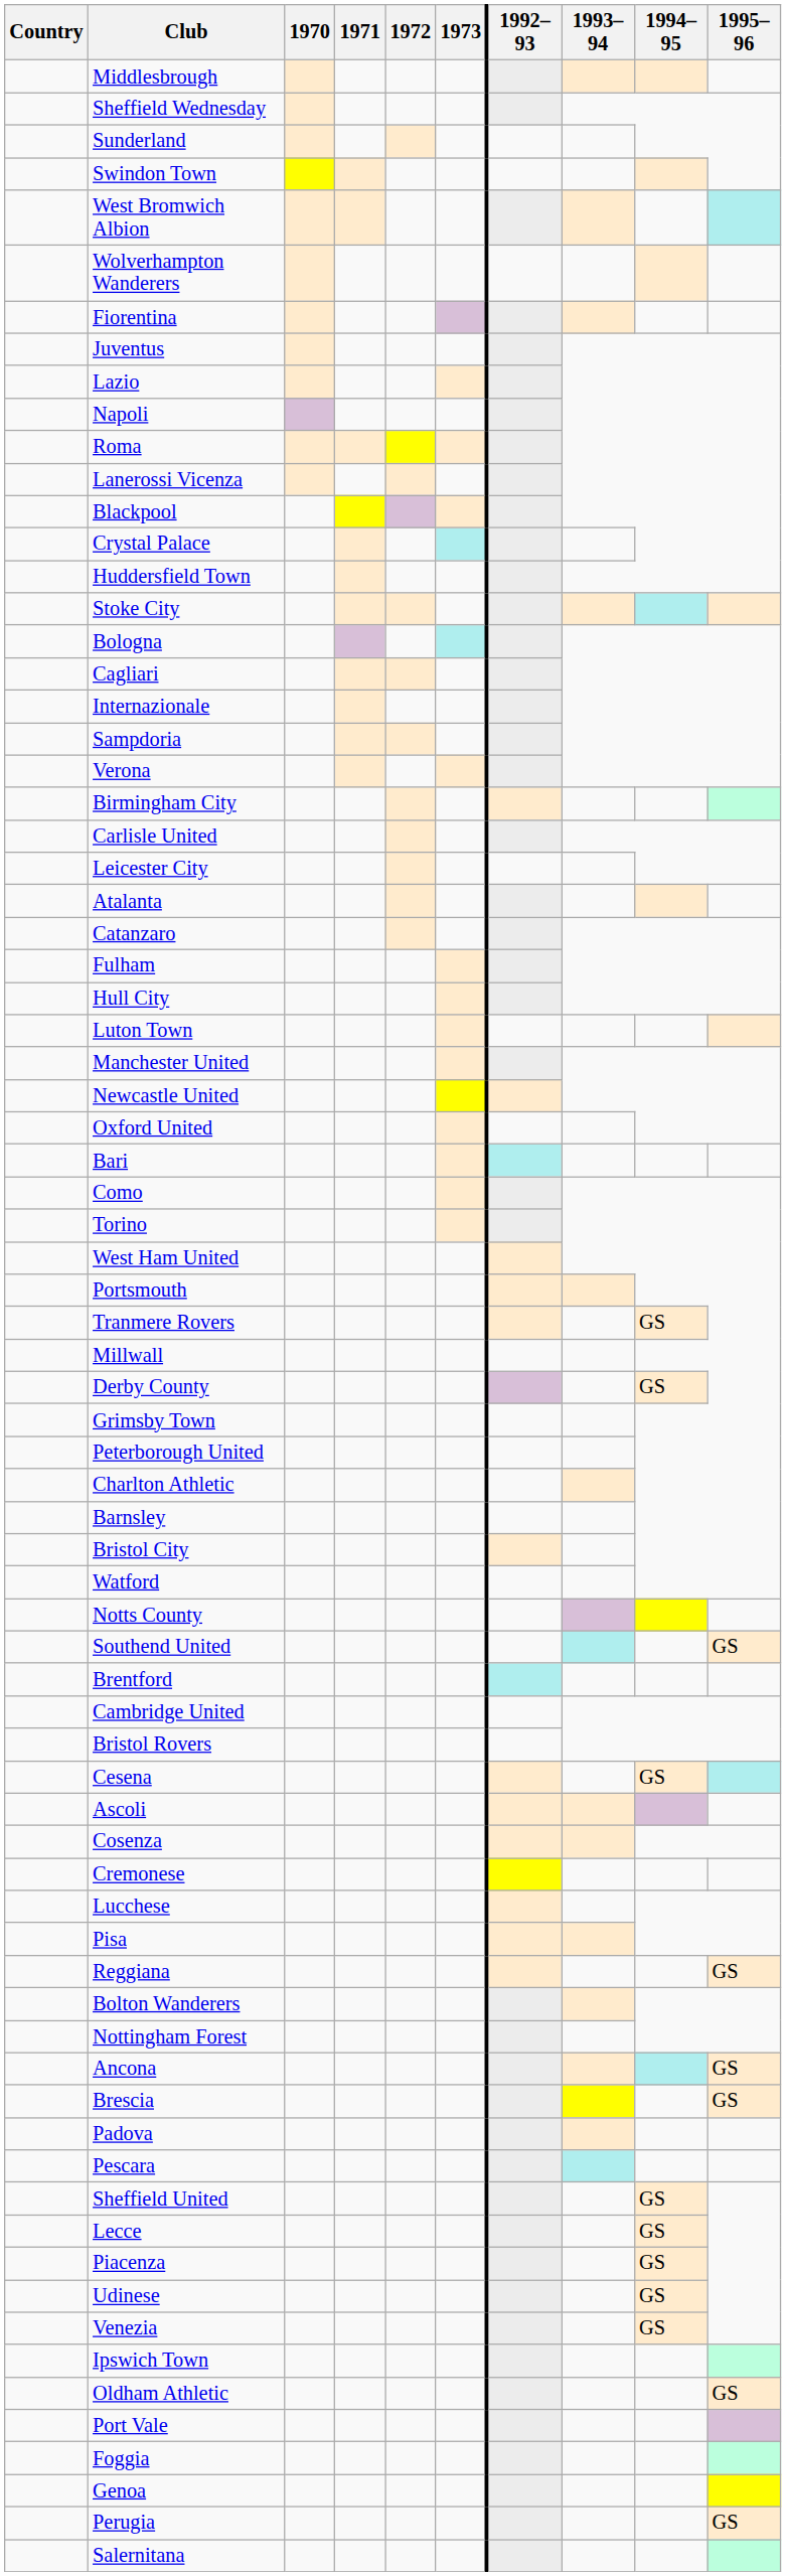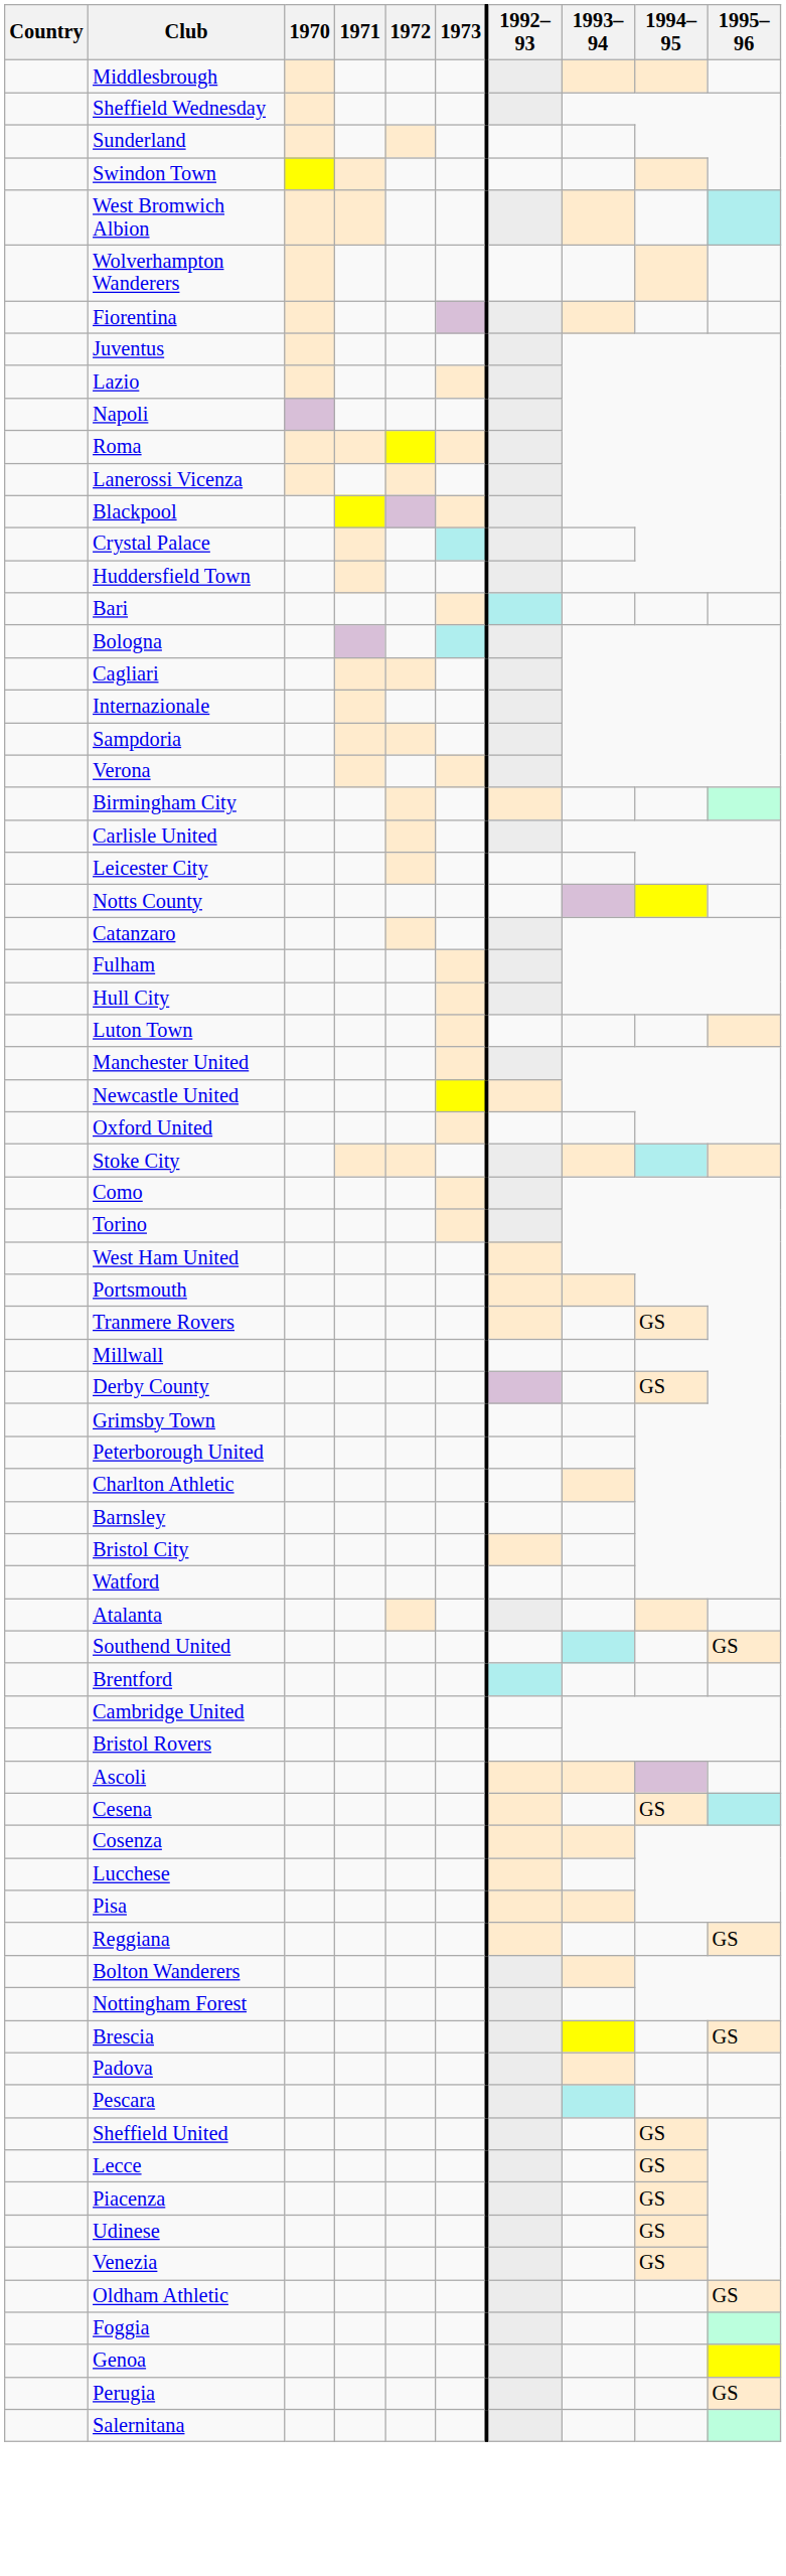 <table class="wikitable sortable collapsible ">
 <tr>
 <th>Country</th>
 <th>Club</th>
 <th>1970</th>
 <th>1971</th>
 <th>1972</th>
 <th>1973</th>
 <th style="border-left: 3px solid;">1992–93</th>
 <th>1993–94</th>
 <th>1994–95</th>
 <th>1995–96</th>
 </tr>
 <tr>
 <td></td>
 <td><a href='#'>Middlesbrough</a></td>
 <td style="background:#ffebcd;"></td>
 <td></td>
 <td></td>
 <td></td>
 <td style="border-left: 3px solid; background: #ececec"></td>
 <td style= "background:#ffebcd;"></td>
 <td style= "background:#ffebcd;"></td>
 <td></td>
 </tr>
 <tr>
 <td></td>
 <td><a href='#'>Sheffield Wednesday</a></td>
 <td style="background:#ffebcd;"></td>
 <td></td>
 <td></td>
 <td></td>
 <td style="border-left: 3px solid; background: #ececec"></td>
 </tr>
 <tr>
 <td></td>
 <td><a href='#'>Sunderland</a></td>
 <td style="background:#ffebcd;"></td>
 <td></td>
 <td style="background:#ffebcd;"></td>
 <td></td>
 <td style="border-left: 3px solid;"></td>
 <td></td>
 </tr>
 <tr>
 <td></td>
 <td><a href='#'>Swindon Town</a></td>
 <td style="background: yellow"></td>
 <td style="background:#ffebcd;"></td>
 <td></td>
 <td></td>
 <td style="border-left: 3px solid;"></td>
 <td></td>
 <td style= "background:#ffebcd;"></td>
 </tr>
 <tr>
 <td></td>
 <td><a href='#'>West Bromwich Albion</a></td>
 <td style="background:#ffebcd;"></td>
 <td style="background:#ffebcd;"></td>
 <td></td>
 <td></td>
 <td style="border-left: 3px solid; background: #ececec"></td>
 <td style= "background:#ffebcd;"></td>
 <td></td>
 <td style="background: #afeeee"></td>
 </tr>
 <tr>
 <td></td>
 <td><a href='#'>Wolverhampton Wanderers</a></td>
 <td style="background:#ffebcd;"></td>
 <td></td>
 <td></td>
 <td></td>
 <td style="border-left: 3px solid;"></td>
 <td></td>
 <td style= "background:#ffebcd;"></td>
 </tr>
 <tr>
 <td></td>
 <td><a href='#'>Fiorentina</a></td>
 <td style="background:#ffebcd;"></td>
 <td></td>
 <td></td>
 <td style="background: thistle"></td>
 <td style="border-left: 3px solid; background: #ececec"></td>
 <td style= "background:#ffebcd;"></td>
 <td></td>
 <td></td>
 </tr>
 <tr>
 <td></td>
 <td><a href='#'>Juventus</a></td>
 <td style="background:#ffebcd;"></td>
 <td></td>
 <td></td>
 <td></td>
 <td style="border-left: 3px solid; background: #ececec"></td>
 </tr>
 <tr>
 <td></td>
 <td><a href='#'>Lazio</a></td>
 <td style="background:#ffebcd;"></td>
 <td></td>
 <td></td>
 <td style="background:#ffebcd;"></td>
 <td style="border-left: 3px solid; background: #ececec"></td>
 </tr>
 <tr>
 <td></td>
 <td><a href='#'>Napoli</a></td>
 <td style="background: thistle"></td>
 <td></td>
 <td></td>
 <td></td>
 <td style="border-left: 3px solid; background: #ececec"></td>
 </tr>
 <tr>
 <td></td>
 <td><a href='#'>Roma</a></td>
 <td style="background:#ffebcd;"></td>
 <td style="background:#ffebcd;"></td>
 <td style="background: yellow"></td>
 <td style="background:#ffebcd;"></td>
 <td style="border-left: 3px solid; background: #ececec"></td>
 </tr>
 <tr>
 <td></td>
 <td><a href='#'>Lanerossi Vicenza</a></td>
 <td style="background:#ffebcd;"></td>
 <td></td>
 <td style="background:#ffebcd;"></td>
 <td></td>
 <td style="border-left: 3px solid; background: #ececec"></td>
 </tr>
 <tr>
 <td></td>
 <td><a href='#'>Blackpool</a></td>
 <td></td>
 <td style="background: yellow"></td>
 <td style="background: thistle"></td>
 <td style="background:#ffebcd;"></td>
 <td style="border-left: 3px solid; background: #ececec"></td>
 </tr>
 <tr>
 <td></td>
 <td><a href='#'>Crystal Palace</a></td>
 <td></td>
 <td style="background:#ffebcd;"></td>
 <td></td>
 <td style="background: #afeeee"></td>
 <td style="border-left: 3px solid; background: #ececec"></td>
 <td></td>
 </tr>
 <tr>
 <td></td>
 <td><a href='#'>Huddersfield Town</a></td>
 <td></td>
 <td style="background:#ffebcd;"></td>
 <td></td>
 <td></td>
 <td style="border-left: 3px solid; background: #ececec"></td>
 </tr>
 <tr>
 <td></td>
-<td><a href='#'>Stoke City</a></td>
+<td><a href='#'>Bari</a></td>
+<td></td>
+<td></td>
 <td></td>
 <td style="background:#ffebcd;"></td>
-<td style="background:#ffebcd;"></td>
+<td style="border-left: 3px solid; background: #afeeee"></td>
 <td></td>
-<td style="border-left: 3px solid; background: #ececec"></td>
-<td style= "background:#ffebcd;"></td>
-<td style="background: #afeeee"></td>
-<td style= "background:#ffebcd;"></td>
+<td></td>
+<td></td>
 </tr>
 <tr>
 <td></td>
 <td><a href='#'>Bologna</a></td>
 <td></td>
 <td style="background: thistle"></td>
 <td></td>
 <td style="background: #afeeee"></td>
 <td style="border-left: 3px solid; background: #ececec"></td>
 </tr>
 <tr>
 <td></td>
 <td><a href='#'>Cagliari</a></td>
 <td></td>
 <td style="background:#ffebcd;"></td>
 <td style="background:#ffebcd;"></td>
 <td></td>
 <td style="border-left: 3px solid; background: #ececec"></td>
 </tr>
 <tr>
 <td></td>
 <td><a href='#'>Internazionale</a></td>
 <td></td>
 <td style="background:#ffebcd;"></td>
 <td></td>
 <td></td>
 <td style="border-left: 3px solid; background: #ececec"></td>
 </tr>
 <tr>
 <td></td>
 <td><a href='#'>Sampdoria</a></td>
 <td></td>
 <td style="background:#ffebcd;"></td>
 <td style="background:#ffebcd;"></td>
 <td></td>
 <td style="border-left: 3px solid; background: #ececec"></td>
 </tr>
 <tr>
 <td></td>
 <td><a href='#'>Verona</a></td>
 <td></td>
 <td style="background:#ffebcd;"></td>
 <td></td>
 <td style="background:#ffebcd;"></td>
 <td style="border-left: 3px solid; background: #ececec"></td>
 </tr>
 <tr>
 <td></td>
 <td><a href='#'>Birmingham City</a></td>
 <td></td>
 <td></td>
 <td style="background:#ffebcd;"></td>
 <td></td>
 <td style="border-left: 3px solid; background:#ffebcd;"></td>
 <td></td>
 <td></td>
 <td style="background:#bfd;"></td>
 </tr>
 <tr>
 <td></td>
 <td><a href='#'>Carlisle United</a></td>
 <td></td>
 <td></td>
 <td style="background:#ffebcd;"></td>
 <td></td>
 <td style="border-left: 3px solid; background: #ececec"></td>
 </tr>
 <tr>
 <td></td>
 <td><a href='#'>Leicester City</a></td>
 <td></td>
 <td></td>
 <td style="background:#ffebcd;"></td>
 <td></td>
 <td style="border-left: 3px solid;"></td>
 <td></td>
 </tr>
 <tr>
 <td></td>
-<td><a href='#'>Atalanta</a></td>
+<td><a href='#'>Notts County</a></td>
 <td></td>
 <td></td>
-<td style="background:#ffebcd;"></td>
 <td></td>
-<td style="border-left: 3px solid; background: #ececec"></td>
 <td></td>
-<td style= "background:#ffebcd;"></td>
+<td style="border-left: 3px solid;"></td>
+<td style="background: thistle"></td>
+<td style="background: yellow"></td>
 <td></td>
 </tr>
 <tr>
 <td></td>
 <td><a href='#'>Catanzaro</a></td>
 <td></td>
 <td></td>
 <td style="background:#ffebcd;"></td>
 <td></td>
 <td style="border-left: 3px solid; background: #ececec"></td>
 </tr>
 <tr>
 <td></td>
 <td><a href='#'>Fulham</a></td>
 <td></td>
 <td></td>
 <td></td>
 <td style="background:#ffebcd;"></td>
 <td style="border-left: 3px solid; background: #ececec"></td>
 </tr>
 <tr>
 <td></td>
 <td><a href='#'>Hull City</a></td>
 <td></td>
 <td></td>
 <td></td>
 <td style="background:#ffebcd;"></td>
 <td style="border-left: 3px solid; background: #ececec"></td>
 </tr>
 <tr>
 <td></td>
 <td><a href='#'>Luton Town</a></td>
 <td></td>
 <td></td>
 <td></td>
 <td style="background:#ffebcd;"></td>
 <td style="border-left: 3px solid;"></td>
 <td></td>
 <td></td>
 <td style= "background:#ffebcd;"></td>
 </tr>
 <tr>
 <td></td>
 <td><a href='#'>Manchester United</a></td>
 <td></td>
 <td></td>
 <td></td>
 <td style="background:#ffebcd;"></td>
 <td style="border-left: 3px solid; background: #ececec"></td>
 </tr>
 <tr>
 <td></td>
 <td><a href='#'>Newcastle United</a></td>
 <td></td>
 <td></td>
 <td></td>
 <td style="background: yellow"></td>
 <td style="border-left: 3px solid; background:#ffebcd;"></td>
 </tr>
 <tr>
 <td></td>
 <td><a href='#'>Oxford United</a></td>
 <td></td>
 <td></td>
 <td></td>
 <td style="background:#ffebcd;"></td>
 <td style="border-left: 3px solid;"></td>
 <td></td>
 </tr>
 <tr>
 <td></td>
-<td><a href='#'>Bari</a></td>
-<td></td>
-<td></td>
+<td><a href='#'>Stoke City</a></td>
 <td></td>
 <td style="background:#ffebcd;"></td>
-<td style="border-left: 3px solid; background: #afeeee"></td>
+<td style="background:#ffebcd;"></td>
 <td></td>
-<td></td>
-<td></td>
+<td style="border-left: 3px solid; background: #ececec"></td>
+<td style= "background:#ffebcd;"></td>
+<td style="background: #afeeee"></td>
+<td style= "background:#ffebcd;"></td>
 </tr>
 <tr>
 <td></td>
 <td><a href='#'>Como</a></td>
 <td></td>
 <td></td>
 <td></td>
 <td style="background:#ffebcd;"></td>
 <td style="border-left: 3px solid; background: #ececec"></td>
 </tr>
 <tr>
 <td></td>
 <td><a href='#'>Torino</a></td>
 <td></td>
 <td></td>
 <td></td>
 <td style="background:#ffebcd;"></td>
 <td style="border-left: 3px solid; background: #ececec"></td>
 </tr>
 <tr>
 <td></td>
 <td><a href='#'>West Ham United</a></td>
 <td></td>
 <td></td>
 <td></td>
 <td></td>
 <td style="border-left: 3px solid; background:#ffebcd;"></td>
 </tr>
 <tr>
 <td></td>
 <td><a href='#'>Portsmouth</a></td>
 <td></td>
 <td></td>
 <td></td>
 <td></td>
 <td style="border-left: 3px solid; background:#ffebcd;"></td>
 <td style= "background:#ffebcd;"></td>
 </tr>
 <tr>
 <td></td>
 <td><a href='#'>Tranmere Rovers</a></td>
 <td></td>
 <td></td>
 <td></td>
 <td></td>
 <td style="border-left: 3px solid; background:#ffebcd;"></td>
 <td></td>
 <td style=background:#ffebcd>GS</td>
 </tr>
 <tr>
 <td></td>
 <td><a href='#'>Millwall</a></td>
 <td></td>
 <td></td>
 <td></td>
 <td></td>
 <td style="border-left: 3px solid;"></td>
 <td></td>
 </tr>
 <tr>
 <td></td>
 <td><a href='#'>Derby County</a></td>
 <td></td>
 <td></td>
 <td></td>
 <td></td>
 <td style="border-left: 3px solid; background: thistle"></td>
 <td></td>
 <td style=background:#ffebcd>GS</td>
 </tr>
 <tr>
 <td></td>
 <td><a href='#'>Grimsby Town</a></td>
 <td></td>
 <td></td>
 <td></td>
 <td></td>
 <td style="border-left: 3px solid;"></td>
 <td></td>
 </tr>
 <tr>
 <td></td>
 <td><a href='#'>Peterborough United</a></td>
 <td></td>
 <td></td>
 <td></td>
 <td></td>
 <td style="border-left: 3px solid;"></td>
 <td></td>
 </tr>
 <tr>
 <td></td>
 <td><a href='#'>Charlton Athletic</a></td>
 <td></td>
 <td></td>
 <td></td>
 <td></td>
 <td style="border-left: 3px solid;"></td>
 <td style= "background:#ffebcd;"></td>
 </tr>
 <tr>
 <td></td>
 <td><a href='#'>Barnsley</a></td>
 <td></td>
 <td></td>
 <td></td>
 <td></td>
 <td style="border-left: 3px solid;"></td>
 <td></td>
 </tr>
 <tr>
 <td></td>
 <td><a href='#'>Bristol City</a></td>
 <td></td>
 <td></td>
 <td></td>
 <td></td>
 <td style="border-left: 3px solid; background:#ffebcd;"></td>
 <td></td>
 </tr>
 <tr>
 <td></td>
 <td><a href='#'>Watford</a></td>
 <td></td>
 <td></td>
 <td></td>
 <td></td>
 <td style="border-left: 3px solid;"></td>
 <td></td>
 </tr>
 <tr>
 <td></td>
-<td><a href='#'>Notts County</a></td>
+<td><a href='#'>Atalanta</a></td>
 <td></td>
 <td></td>
+<td style="background:#ffebcd;"></td>
 <td></td>
+<td style="border-left: 3px solid; background: #ececec"></td>
 <td></td>
-<td style="border-left: 3px solid;"></td>
-<td style="background: thistle"></td>
-<td style="background: yellow"></td>
+<td style= "background:#ffebcd;"></td>
 <td></td>
 </tr>
 <tr>
 <td></td>
 <td><a href='#'>Southend United</a></td>
 <td></td>
 <td></td>
 <td></td>
 <td></td>
 <td style="border-left: 3px solid;"></td>
 <td style="background: #afeeee"></td>
 <td></td>
 <td style=background:#ffebcd>GS</td>
 </tr>
 <tr>
 <td></td>
 <td><a href='#'>Brentford</a></td>
 <td></td>
 <td></td>
 <td></td>
 <td></td>
 <td style="border-left: 3px solid; background: #afeeee"></td>
 <td></td>
 <td></td>
 <td></td>
 </tr>
 <tr>
 <td></td>
 <td><a href='#'>Cambridge United</a></td>
 <td></td>
 <td></td>
 <td></td>
 <td></td>
 <td style="border-left: 3px solid;"></td>
 </tr>
 <tr>
 <td></td>
 <td><a href='#'>Bristol Rovers</a></td>
 <td></td>
 <td></td>
 <td></td>
 <td></td>
 <td style="border-left: 3px solid;"></td>
 </tr>
 <tr>
 <td></td>
+<td><a href='#'>Ascoli</a></td>
+<td></td>
+<td></td>
+<td></td>
+<td></td>
+<td style="border-left: 3px solid; background:#ffebcd;"></td>
+<td style= "background:#ffebcd;"></td>
+<td style="background: thistle"></td>
+<td></td>
+</tr>
+<tr>
+<td></td>
 <td><a href='#'>Cesena</a></td>
 <td></td>
 <td></td>
 <td></td>
 <td></td>
 <td style="border-left: 3px solid; background:#ffebcd;"></td>
 <td></td>
 <td style=background:#ffebcd>GS</td>
 <td style="background: #afeeee"></td>
 </tr>
 <tr>
 <td></td>
-<td><a href='#'>Ascoli</a></td>
-<td></td>
-<td></td>
-<td></td>
-<td></td>
-<td style="border-left: 3px solid; background:#ffebcd;"></td>
-<td style= "background:#ffebcd;"></td>
-<td style="background: thistle"></td>
-<td></td>
-</tr>
-<tr>
-<td></td>
 <td><a href='#'>Cosenza</a></td>
 <td></td>
 <td></td>
 <td></td>
 <td></td>
 <td style="border-left: 3px solid; background:#ffebcd;"></td>
 <td style= "background:#ffebcd;"></td>
-</tr>
-<tr>
-<td></td>
-<td><a href='#'>Cremonese</a></td>
-<td></td>
-<td></td>
-<td></td>
-<td></td>
-<td style="border-left: 3px solid; background: yellow"></td>
-<td></td>
-<td></td>
-<td></td>
 </tr>
 <tr>
 <td></td>
 <td><a href='#'>Lucchese</a></td>
 <td></td>
 <td></td>
 <td></td>
 <td></td>
 <td style="border-left: 3px solid; background:#ffebcd;"></td>
 <td></td>
 </tr>
 <tr>
 <td></td>
 <td><a href='#'>Pisa</a></td>
 <td></td>
 <td></td>
 <td></td>
 <td></td>
 <td style="border-left: 3px solid; background:#ffebcd;"></td>
 <td style= "background:#ffebcd;"></td>
 </tr>
 <tr>
 <td></td>
 <td><a href='#'>Reggiana</a></td>
 <td></td>
 <td></td>
 <td></td>
 <td></td>
 <td style="border-left: 3px solid; background:#ffebcd;"></td>
 <td></td>
 <td></td>
 <td style=background:#ffebcd>GS</td>
 </tr>
 <tr>
 <td></td>
 <td><a href='#'>Bolton Wanderers</a></td>
 <td></td>
 <td></td>
 <td></td>
 <td></td>
 <td style="border-left: 3px solid; background: #ececec"></td>
 <td style= "background:#ffebcd;"></td>
 </tr>
 <tr>
 <td></td>
 <td><a href='#'>Nottingham Forest</a></td>
 <td></td>
 <td></td>
 <td></td>
 <td></td>
 <td style="border-left: 3px solid; background: #ececec"></td>
 <td></td>
-</tr>
-<tr>
-<td></td>
-<td><a href='#'>Ancona</a></td>
-<td></td>
-<td></td>
-<td></td>
-<td></td>
-<td style="border-left: 3px solid; background: #ececec"></td>
-<td style= "background:#ffebcd;"></td>
-<td style="background: #afeeee"></td>
-<td style=background:#ffebcd>GS</td>
 </tr>
 <tr>
 <td></td>
 <td><a href='#'>Brescia</a></td>
 <td></td>
 <td></td>
 <td></td>
 <td></td>
 <td style="border-left: 3px solid; background: #ececec"></td>
 <td style="background: yellow"></td>
 <td></td>
 <td style=background:#ffebcd>GS</td>
 </tr>
 <tr>
 <td></td>
 <td><a href='#'>Padova</a></td>
 <td></td>
 <td></td>
 <td></td>
 <td></td>
 <td style="border-left: 3px solid; background: #ececec"></td>
 <td style= "background:#ffebcd;"></td>
 <td></td>
 <td></td>
 </tr>
 <tr>
 <td></td>
 <td><a href='#'>Pescara</a></td>
 <td></td>
 <td></td>
 <td></td>
 <td></td>
 <td style="border-left: 3px solid; background: #ececec"></td>
 <td style="background: #afeeee"></td>
 <td></td>
 <td></td>
 </tr>
 <tr>
 <td></td>
 <td><a href='#'>Sheffield United</a></td>
 <td></td>
 <td></td>
 <td></td>
 <td></td>
 <td style="border-left: 3px solid; background: #ececec"></td>
 <td></td>
 <td style=background:#ffebcd>GS</td>
 </tr>
 <tr>
 <td></td>
 <td><a href='#'>Lecce</a></td>
 <td></td>
 <td></td>
 <td></td>
 <td></td>
 <td style="border-left: 3px solid; background: #ececec"></td>
 <td></td>
 <td style=background:#ffebcd>GS</td>
 </tr>
 <tr>
 <td></td>
 <td><a href='#'>Piacenza</a></td>
 <td></td>
 <td></td>
 <td></td>
 <td></td>
 <td style="border-left: 3px solid; background: #ececec"></td>
 <td></td>
 <td style=background:#ffebcd>GS</td>
 </tr>
 <tr>
 <td></td>
 <td><a href='#'>Udinese</a></td>
 <td></td>
 <td></td>
 <td></td>
 <td></td>
 <td style="border-left: 3px solid; background: #ececec"></td>
 <td></td>
 <td style=background:#ffebcd>GS</td>
 </tr>
 <tr>
 <td></td>
 <td><a href='#'>Venezia</a></td>
 <td></td>
 <td></td>
 <td></td>
 <td></td>
 <td style="border-left: 3px solid; background: #ececec"></td>
 <td></td>
 <td style=background:#ffebcd>GS</td>
 </tr>
 <tr>
 <td></td>
-<td><a href='#'>Ipswich Town</a></td>
-<td></td>
-<td></td>
-<td></td>
-<td></td>
-<td style="border-left: 3px solid; background: #ececec"></td>
-<td></td>
-<td></td>
-<td style="background:#bfd;"></td>
-</tr>
-<tr>
-<td></td>
 <td><a href='#'>Oldham Athletic</a></td>
 <td></td>
 <td></td>
 <td></td>
 <td></td>
 <td style="border-left: 3px solid; background: #ececec"></td>
 <td></td>
 <td></td>
 <td style=background:#ffebcd>GS</td>
-</tr>
-<tr>
-<td></td>
-<td><a href='#'>Port Vale</a></td>
-<td></td>
-<td></td>
-<td></td>
-<td></td>
-<td style="border-left: 3px solid; background: #ececec"></td>
-<td></td>
-<td></td>
-<td style="background: thistle"></td>
 </tr>
 <tr>
 <td></td>
 <td><a href='#'>Foggia</a></td>
 <td></td>
 <td></td>
 <td></td>
 <td></td>
 <td style="border-left: 3px solid; background: #ececec"></td>
 <td></td>
 <td></td>
 <td style="background:#bfd;"></td>
 </tr>
 <tr>
 <td></td>
 <td><a href='#'>Genoa</a></td>
 <td></td>
 <td></td>
 <td></td>
 <td></td>
 <td style="border-left: 3px solid; background: #ececec"></td>
 <td></td>
 <td></td>
 <td style="background: yellow"></td>
 </tr>
 <tr>
 <td></td>
 <td><a href='#'>Perugia</a></td>
 <td></td>
 <td></td>
 <td></td>
 <td></td>
 <td style="border-left: 3px solid; background: #ececec"></td>
 <td></td>
 <td></td>
 <td style=background:#ffebcd>GS</td>
 </tr>
 <tr>
 <td></td>
 <td><a href='#'>Salernitana</a></td>
 <td></td>
 <td></td>
 <td></td>
 <td></td>
 <td style="border-left: 3px solid; background: #ececec"></td>
 <td></td>
 <td></td>
 <td style="background:#bfd;"></td>
 </tr>
 </table>
